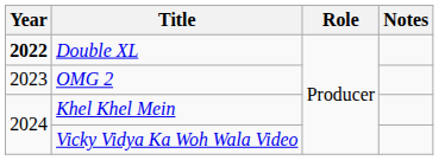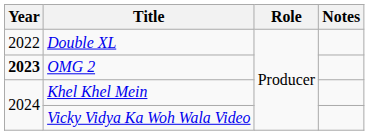 <table class="wikitable sortable plainrowheaders">
 <tr style="text-align:center;">
 <th scope="col">Year</th>
 <th scope="col">Title</th>
 <th scope="col">Role</th>
 <th class="unsortable" scope="col">Notes</th>
 </tr>
 <tr>
-<td><strong>2022</strong></td>
+<td>2022</td>
 <td><em><a href='#'>Double XL</a></em></td>
 <td rowspan="4">Producer</td>
 <td></td>
 </tr>
 <tr>
-<td>2023</td>
+<td><strong>2023</strong></td>
 <td><em><a href='#'>OMG 2</a></em></td>
 <td></td>
 </tr>
 <tr>
 <td rowspan="2">2024</td>
 <td><em><a href='#'>Khel Khel Mein</a></em></td>
 <td></td>
 </tr>
 <tr>
 <td><em><a href='#'>Vicky Vidya Ka Woh Wala Video</a></em></td>
 <td></td>
 </tr>
 </table>
